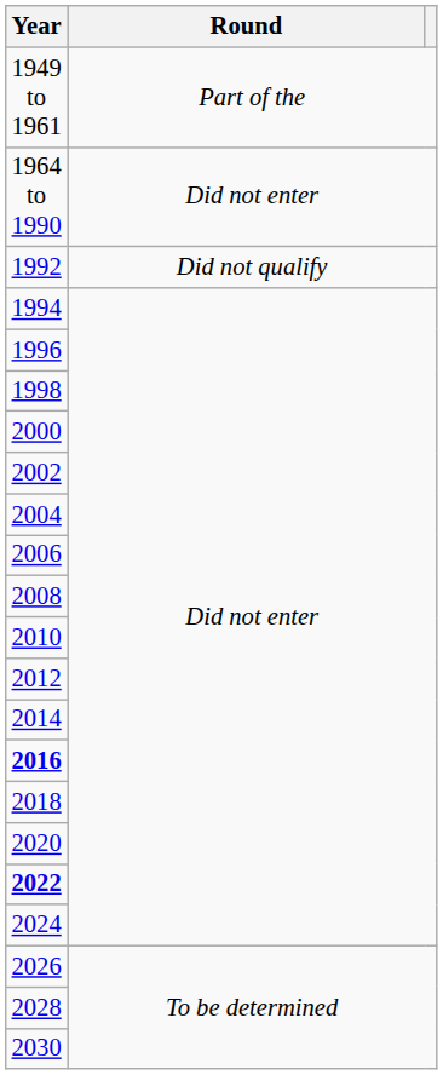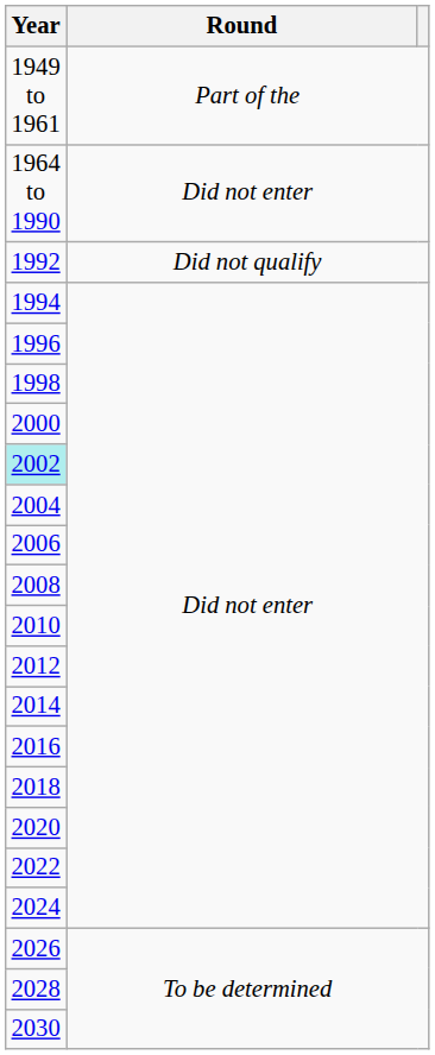 <table class="wikitable" style="text-align: center; font-size:90%">
 <tr>
 <th>Year</th>
 <th style="width:200px">Round</th>
 <th></th>
 </tr>
 <tr>
 <td>1949<br>to<br>1961</td>
 <td colspan="2"><em>Part of the </em></td>
 </tr>
 <tr>
 <td>1964<br>to<br><a href='#'>1990</a></td>
 <td colspan="2"><em>Did not enter</em></td>
 </tr>
 <tr>
 <td><a href='#'>1992</a></td>
 <td colspan="2"><em>Did not qualify</em></td>
 </tr>
 <tr>
 <td><a href='#'>1994</a></td>
 <td colspan="2" rowspan="16"><em>Did not enter</em></td>
 </tr>
 <tr>
 <td><a href='#'>1996</a></td>
 </tr>
 <tr>
 <td><a href='#'>1998</a></td>
 </tr>
 <tr>
 <td><a href='#'>2000</a></td>
 </tr>
 <tr>
-<td><a href='#'>2002</a></td>
+<td style="background: paleturquoise;"><a href='#'>2002</a></td>
 </tr>
 <tr>
 <td><a href='#'>2004</a></td>
 </tr>
 <tr>
 <td><a href='#'>2006</a></td>
 </tr>
 <tr>
 <td><a href='#'>2008</a></td>
 </tr>
 <tr>
 <td><a href='#'>2010</a></td>
 </tr>
 <tr>
 <td><a href='#'>2012</a></td>
 </tr>
 <tr>
 <td><a href='#'>2014</a></td>
 </tr>
 <tr>
-<td><strong><a href='#'>2016</a></strong></td>
+<td><a href='#'>2016</a></td>
 </tr>
 <tr>
 <td><a href='#'>2018</a></td>
 </tr>
 <tr>
 <td><a href='#'>2020</a></td>
 </tr>
 <tr>
-<td><strong><a href='#'>2022</a></strong></td>
+<td><a href='#'>2022</a></td>
 </tr>
 <tr>
 <td><a href='#'>2024</a></td>
 </tr>
 <tr>
 <td><a href='#'>2026</a></td>
 <td colspan="2" rowspan="3"><em>To be determined</em></td>
 </tr>
 <tr>
 <td><a href='#'>2028</a></td>
 </tr>
 <tr>
 <td><a href='#'>2030</a></td>
 </tr>
 </table>
